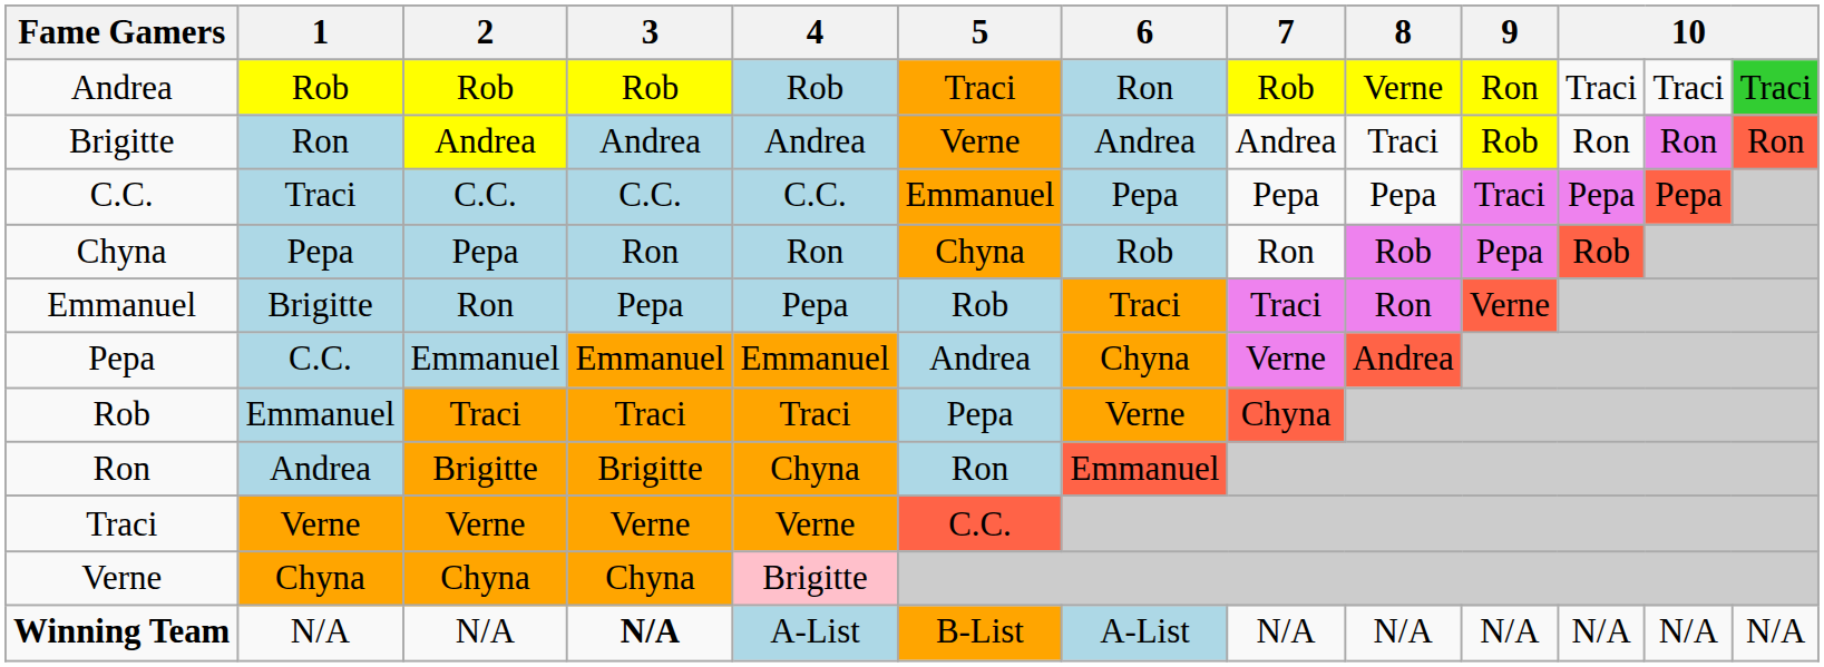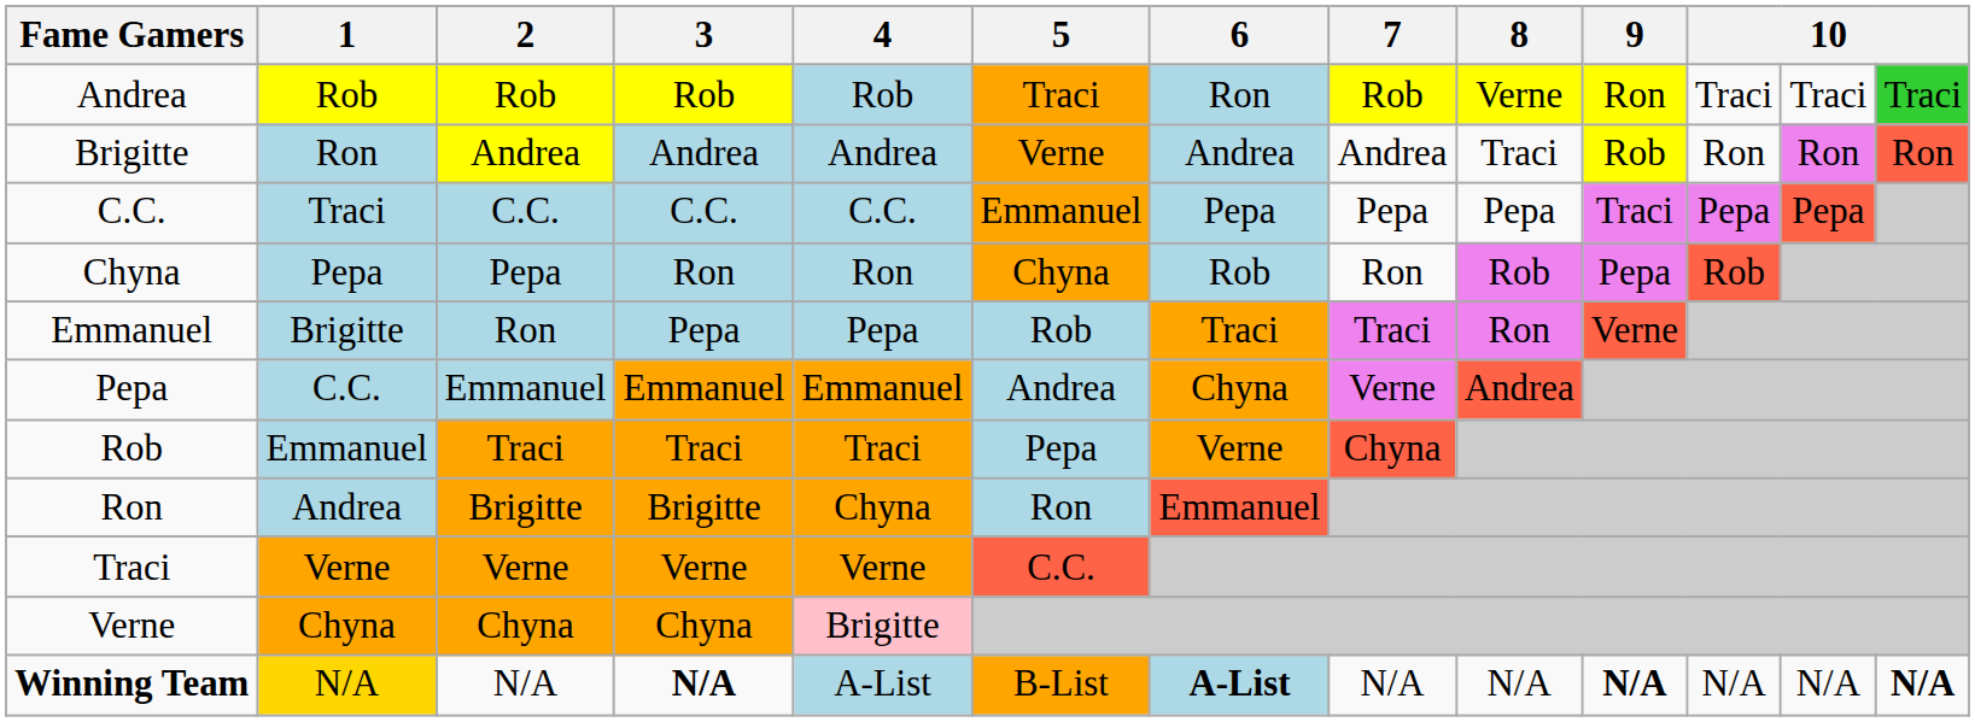 <table class="wikitable" style="text-align:center">
 <tr>
 <th>Fame Gamers</th>
 <th>1</th>
 <th>2</th>
 <th>3</th>
 <th>4</th>
 <th>5</th>
 <th>6</th>
 <th>7</th>
 <th>8</th>
 <th>9</th>
 <th colspan=6>10</th>
 </tr>
 <tr>
 <td>Andrea</td>
 <td bgcolor="yellow">Rob</td>
 <td bgcolor="yellow">Rob</td>
 <td bgcolor="yellow">Rob</td>
 <td bgcolor="LightBlue">Rob</td>
 <td bgcolor="Orange">Traci</td>
 <td bgcolor="LightBlue">Ron</td>
 <td bgcolor="yellow">Rob</td>
 <td bgcolor="yellow">Verne</td>
 <td bgcolor="yellow">Ron</td>
 <td>Traci</td>
 <td>Traci</td>
 <td bgcolor="LimeGreen">Traci</td>
 </tr>
 <tr>
 <td>Brigitte</td>
 <td bgcolor="LightBlue">Ron</td>
 <td bgcolor="yellow">Andrea</td>
 <td bgcolor="LightBlue">Andrea</td>
 <td bgcolor="LightBlue">Andrea</td>
 <td bgcolor="Orange">Verne</td>
 <td bgcolor="LightBlue">Andrea</td>
 <td>Andrea</td>
 <td>Traci</td>
 <td bgcolor="yellow">Rob</td>
 <td>Ron</td>
 <td bgcolor="Violet">Ron</td>
 <td bgcolor="tomato">Ron</td>
 </tr>
 <tr>
 <td>C.C.</td>
 <td bgcolor="LightBlue">Traci</td>
 <td bgcolor="LightBlue">C.C.</td>
 <td bgcolor="LightBlue">C.C.</td>
 <td bgcolor="LightBlue">C.C.</td>
 <td bgcolor="Orange">Emmanuel</td>
 <td bgcolor="LightBlue">Pepa</td>
 <td>Pepa</td>
 <td>Pepa</td>
 <td bgcolor="Violet">Traci</td>
 <td bgcolor="Violet">Pepa</td>
 <td bgcolor="Tomato">Pepa</td>
 <td bgcolor="#CCCCCC"></td>
 </tr>
 <tr>
 <td>Chyna</td>
 <td bgcolor="LightBlue">Pepa</td>
 <td bgcolor="LightBlue">Pepa</td>
 <td bgcolor="LightBlue">Ron</td>
 <td bgcolor="LightBlue">Ron</td>
 <td bgcolor="Orange">Chyna</td>
 <td bgcolor="LightBlue">Rob</td>
 <td>Ron</td>
 <td bgcolor="Violet">Rob</td>
 <td bgcolor="Violet">Pepa</td>
 <td bgcolor="Tomato">Rob</td>
 <td bgcolor="#CCCCCC" colspan=2></td>
 </tr>
 <tr>
 <td>Emmanuel</td>
 <td bgcolor="LightBlue">Brigitte</td>
 <td bgcolor="LightBlue">Ron</td>
 <td bgcolor="LightBlue">Pepa</td>
 <td bgcolor="LightBlue">Pepa</td>
 <td bgcolor="LightBlue">Rob</td>
 <td bgcolor="Orange">Traci</td>
 <td bgcolor="Violet">Traci</td>
 <td bgcolor="Violet">Ron</td>
 <td bgcolor="Tomato">Verne</td>
 <td bgcolor="#CCCCCC" colspan=3></td>
 </tr>
 <tr>
 <td>Pepa</td>
 <td bgcolor="LightBlue">C.C.</td>
 <td bgcolor="LightBlue">Emmanuel</td>
 <td bgcolor="Orange">Emmanuel</td>
 <td bgcolor="Orange">Emmanuel</td>
 <td bgcolor="LightBlue">Andrea</td>
 <td bgcolor="Orange">Chyna</td>
 <td bgcolor="Violet">Verne</td>
 <td bgcolor="Tomato">Andrea</td>
 <td bgcolor="#CCCCCC" colspan=4></td>
 </tr>
 <tr>
 <td>Rob</td>
 <td bgcolor="LightBlue">Emmanuel</td>
 <td bgcolor="Orange">Traci</td>
 <td bgcolor="Orange">Traci</td>
 <td bgcolor="Orange">Traci</td>
 <td bgcolor="LightBlue">Pepa</td>
 <td bgcolor="Orange">Verne</td>
 <td bgcolor="Tomato">Chyna</td>
 <td bgcolor="#CCCCCC" colspan=5></td>
 </tr>
 <tr>
 <td>Ron</td>
 <td bgcolor="LightBlue">Andrea</td>
 <td bgcolor="Orange">Brigitte</td>
 <td bgcolor="Orange">Brigitte</td>
 <td bgcolor="Orange">Chyna</td>
 <td bgcolor="LightBlue">Ron</td>
 <td bgcolor="Tomato">Emmanuel</td>
 <td bgcolor="#CCCCCC" colspan=6></td>
 </tr>
 <tr>
 <td>Traci</td>
 <td bgcolor="Orange">Verne</td>
 <td bgcolor="Orange">Verne</td>
 <td bgcolor="Orange">Verne</td>
 <td bgcolor="Orange">Verne</td>
 <td bgcolor="Tomato">C.C.</td>
 <td bgcolor="#CCCCCC" colspan=7></td>
 </tr>
 <tr>
 <td>Verne</td>
 <td bgcolor="Orange">Chyna</td>
 <td bgcolor="Orange">Chyna</td>
 <td bgcolor="Orange">Chyna</td>
 <td bgcolor="Pink">Brigitte</td>
 <td bgcolor="#CCCCCC" colspan=8></td>
 </tr>
 <tr>
 <td><strong>Winning Team</strong></td>
-<td>N/A</td>
+<td style="background: gold;">N/A</td>
 <td>N/A</td>
 <td><strong>N/A</strong></td>
 <td bgcolor="LightBlue">A-List</td>
 <td bgcolor="Orange">B-List</td>
-<td bgcolor="LightBlue">A-List</td>
+<td bgcolor="LightBlue"><strong>A-List</strong></td>
 <td>N/A</td>
 <td>N/A</td>
+<td><strong>N/A</strong></td>
 <td>N/A</td>
 <td>N/A</td>
-<td>N/A</td>
-<td>N/A</td>
+<td><strong>N/A</strong></td>
 </tr>
 </table>
